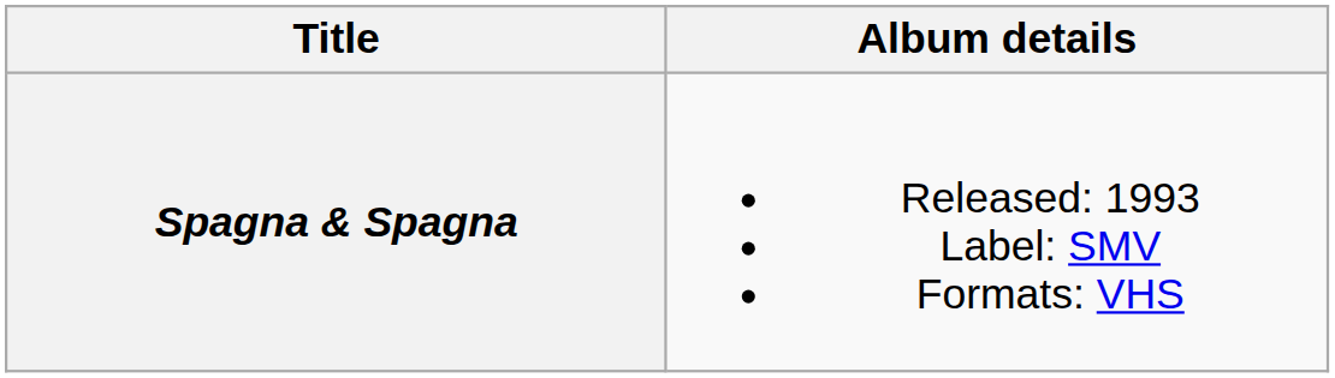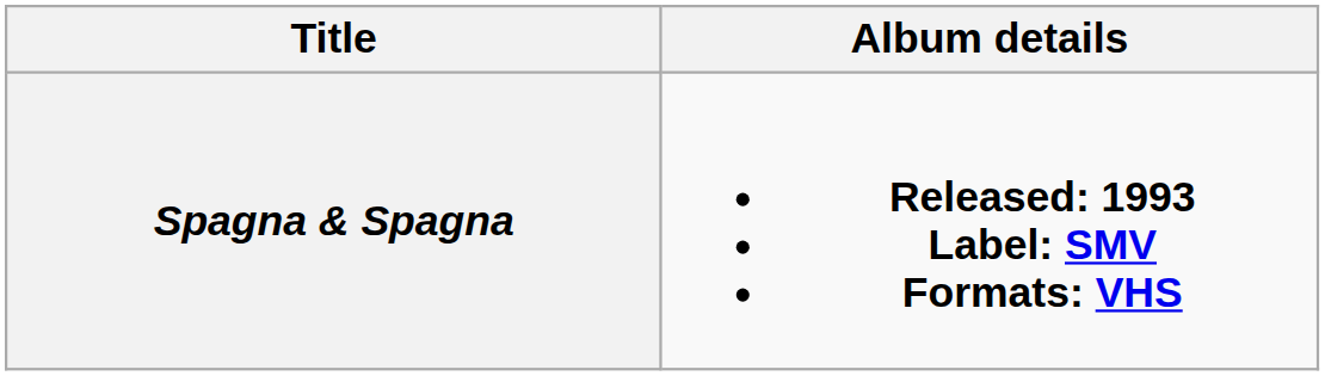 <table class="wikitable plainrowheaders" style="text-align:center;">
 <tr>
 <th scope="col" style="width:15em;">Title</th>
 <th scope="col" style="width:15em;">Album details</th>
 </tr>
 <tr>
 <th scope="row"><em>Spagna & Spagna</em></th>
-<td><br><ul><li>Released: 1993</li><li>Label: <a href='#'>SMV</a></li><li>Formats: <a href='#'>VHS</a></li></ul></td>
+<td><strong><br><ul><li>Released: 1993</li><li>Label: <a href='#'>SMV</a></li><li>Formats: <a href='#'>VHS</a></li></ul></strong></td>
 </tr>
 </table>
